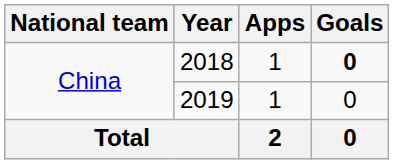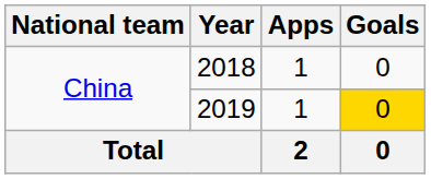 <table class="wikitable" style="text-align:center">
 <tr>
 <th>National team</th>
 <th>Year</th>
 <th>Apps</th>
 <th>Goals</th>
 </tr>
 <tr>
 <td rowspan="2"><a href='#'>China</a></td>
 <td>2018</td>
 <td>1</td>
-<td><strong>0</strong></td>
+<td>0</td>
 </tr>
 <tr>
 <td>2019</td>
 <td>1</td>
-<td>0</td>
+<td style="background: gold;">0</td>
 </tr>
 <tr>
 <th colspan=2>Total</th>
 <th>2</th>
 <th>0</th>
 </tr>
 </table>
